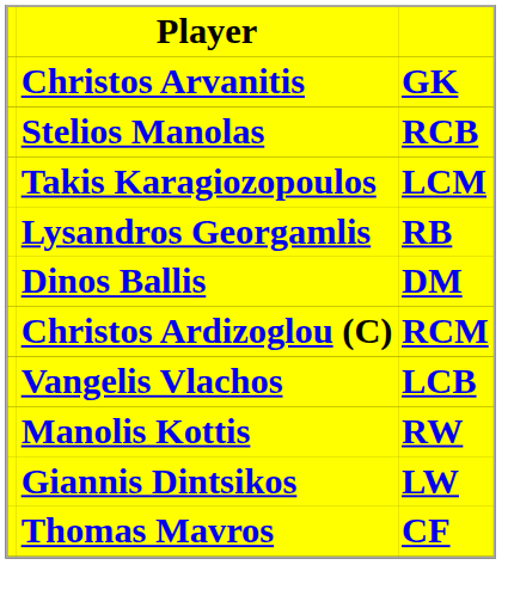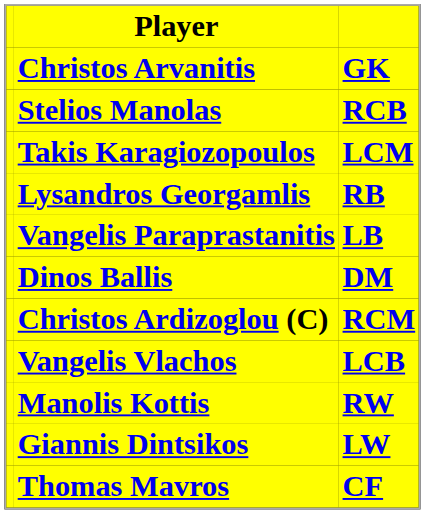 <table class="toccolours" border="0" cellpadding="2" cellspacing="0" align="center" style="margin: 0.5em 0 1em 1em; background: #000000; border: 1px #aaaaaa solid;">
 <tr bgcolor=#FFFF00>
 <th></th>
 <th>Player</th>
 <th></th>
 </tr>
 <tr bgcolor=#FFFF00>
 <td></td>
 <td><a href='#'><span><strong>Christos Arvanitis</strong></span></a></td>
 <td><a href='#'><strong>GK</strong></a></td>
 </tr>
 <tr bgcolor=#FFFF00>
 <td></td>
 <td><a href='#'><span><strong>Stelios Manolas</strong></span></a></td>
 <td><a href='#'><strong>RCB</strong></a></td>
 </tr>
 <tr bgcolor=#FFFF00>
 <td></td>
 <td><a href='#'><span><strong>Takis Karagiozopoulos</strong></span></a></td>
 <td><a href='#'><strong>LCM</strong></a></td>
 </tr>
 <tr bgcolor=#FFFF00>
 <td></td>
 <td><a href='#'><span><strong>Lysandros Georgamlis</strong></span></a></td>
 <td><a href='#'><strong>RB</strong></a></td>
+</tr>
+<tr bgcolor=#FFFF00>
+<td></td>
+<td><a href='#'><span><strong>Vangelis Paraprastanitis</strong></span></a></td>
+<td><a href='#'><strong>LB</strong></a></td>
 </tr>
 <tr bgcolor=#FFFF00>
 <td></td>
 <td><a href='#'><span><strong>Dinos Ballis</strong></span></a></td>
 <td><a href='#'><strong>DM</strong></a></td>
 </tr>
 <tr bgcolor=#FFFF00>
 <td></td>
 <td><a href='#'><span><strong>Christos Ardizoglou</strong></span></a> <strong>(C)</strong></td>
 <td><a href='#'><strong>RCM</strong></a></td>
 </tr>
 <tr bgcolor=#FFFF00>
 <td></td>
 <td><a href='#'><span><strong>Vangelis Vlachos</strong></span></a></td>
 <td><a href='#'><strong>LCB</strong></a></td>
 </tr>
 <tr bgcolor=#FFFF00>
 <td></td>
 <td><a href='#'><span><strong>Manolis Kottis</strong></span></a></td>
 <td><a href='#'><strong>RW</strong></a></td>
 </tr>
 <tr bgcolor=#FFFF00>
 <td></td>
 <td><a href='#'><span><strong>Giannis Dintsikos</strong></span></a></td>
 <td><a href='#'><strong>LW</strong></a></td>
 </tr>
 <tr bgcolor=#FFFF00>
 <td></td>
 <td><a href='#'><span><strong>Thomas Mavros</strong></span></a></td>
 <td><a href='#'><strong>CF</strong></a></td>
 </tr>
 </table>
